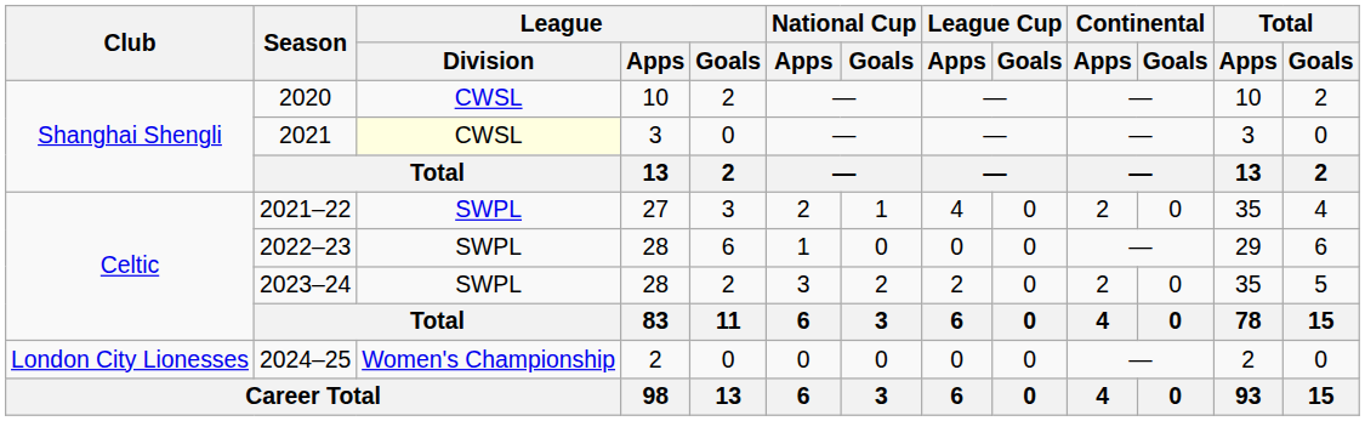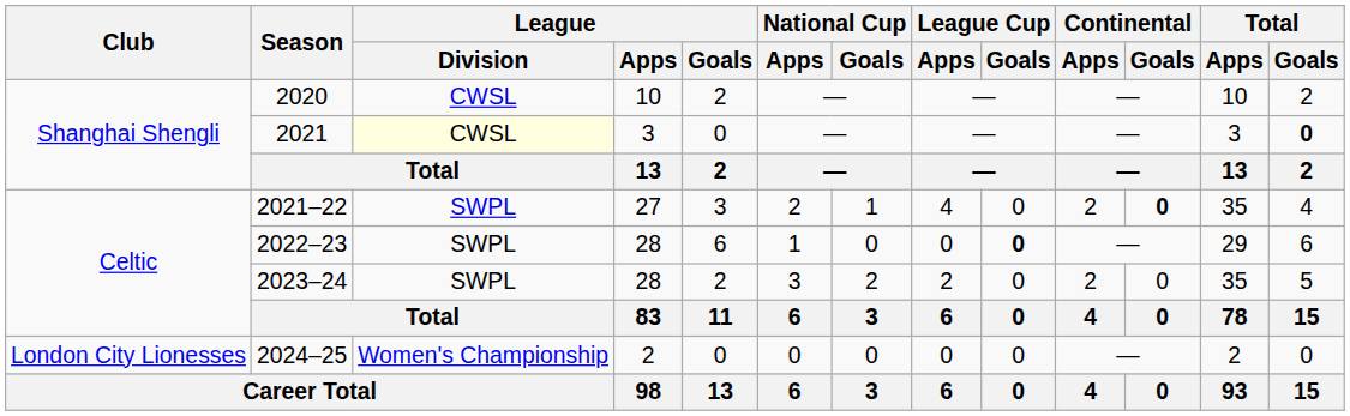 <table class="wikitable" style="text-align:center">
 <tr>
 <th rowspan="2">Club</th>
 <th rowspan="2">Season</th>
 <th colspan="3">League</th>
 <th colspan="2">National Cup</th>
 <th colspan="2">League Cup</th>
 <th colspan="2">Continental</th>
 <th colspan="2">Total</th>
 </tr>
 <tr>
 <th>Division</th>
 <th>Apps</th>
 <th>Goals</th>
 <th>Apps</th>
 <th>Goals</th>
 <th>Apps</th>
 <th>Goals</th>
 <th>Apps</th>
 <th>Goals</th>
 <th>Apps</th>
 <th>Goals</th>
 </tr>
 <tr>
 <td rowspan="3"><a href='#'>Shanghai Shengli</a></td>
 <td>2020</td>
 <td><a href='#'>CWSL</a></td>
 <td>10</td>
 <td>2</td>
 <td colspan="2">—</td>
 <td colspan="2">—</td>
 <td colspan="2">—</td>
 <td>10</td>
 <td>2</td>
 </tr>
 <tr>
 <td>2021</td>
 <td style="background: lightyellow;">CWSL</td>
 <td>3</td>
 <td>0</td>
 <td colspan="2">—</td>
 <td colspan="2">—</td>
 <td colspan="2">—</td>
 <td>3</td>
-<td>0</td>
+<td><strong>0</strong></td>
 </tr>
 <tr>
 <th colspan="2">Total</th>
 <th>13</th>
 <th>2</th>
 <th colspan="2">—</th>
 <th colspan="2">—</th>
 <th colspan="2">—</th>
 <th>13</th>
 <th>2</th>
 </tr>
 <tr>
 <td rowspan="4"><a href='#'>Celtic</a></td>
 <td>2021–22</td>
 <td><a href='#'>SWPL</a></td>
 <td>27</td>
 <td>3</td>
 <td>2</td>
 <td>1</td>
 <td>4</td>
 <td>0</td>
 <td>2</td>
-<td>0</td>
+<td><strong>0</strong></td>
 <td>35</td>
 <td>4</td>
 </tr>
 <tr>
 <td>2022–23</td>
 <td>SWPL</td>
 <td>28</td>
 <td>6</td>
 <td>1</td>
 <td>0</td>
 <td>0</td>
-<td>0</td>
+<td><strong>0</strong></td>
 <td colspan="2">—</td>
 <td>29</td>
 <td>6</td>
 </tr>
 <tr>
 <td>2023–24</td>
 <td>SWPL</td>
 <td>28</td>
 <td>2</td>
 <td>3</td>
 <td>2</td>
 <td>2</td>
 <td>0</td>
 <td>2</td>
 <td>0</td>
 <td>35</td>
 <td>5</td>
 </tr>
 <tr>
 <th colspan="2">Total</th>
 <th>83</th>
 <th>11</th>
 <th>6</th>
 <th>3</th>
 <th>6</th>
 <th>0</th>
 <th>4</th>
 <th>0</th>
 <th>78</th>
 <th>15</th>
 </tr>
 <tr>
 <td><a href='#'>London City Lionesses</a></td>
 <td>2024–25</td>
 <td><a href='#'>Women's Championship</a></td>
 <td>2</td>
 <td>0</td>
 <td>0</td>
 <td>0</td>
 <td>0</td>
 <td>0</td>
 <td colspan="2">—</td>
 <td>2</td>
 <td>0</td>
 </tr>
 <tr>
 <th colspan="3">Career Total</th>
 <th>98</th>
 <th>13</th>
 <th>6</th>
 <th>3</th>
 <th>6</th>
 <th>0</th>
 <th>4</th>
 <th>0</th>
 <th>93</th>
 <th>15</th>
 </tr>
 </table>
